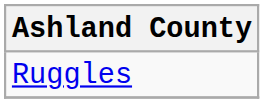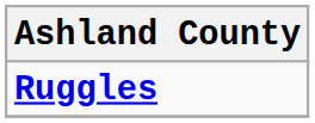 <table class="wikitable">
 <tr>
 <th>Ashland County</th>
 </tr>
 <tr>
-<td><a href='#'>Ruggles</a></td>
+<td><strong><a href='#'>Ruggles</a></strong></td>
 </tr>
 <tr>
 </tr>
 </table>
